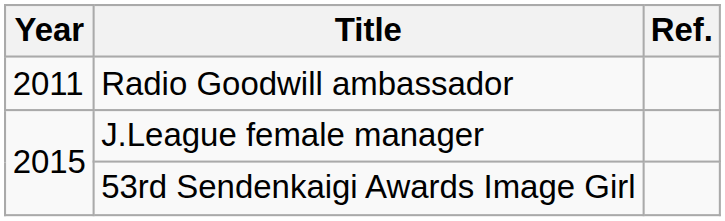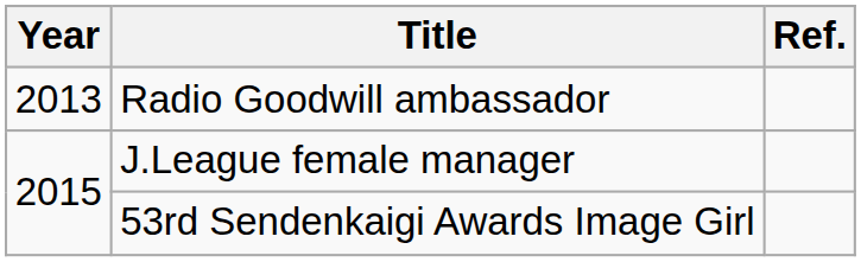 <table class="wikitable">
 <tr>
 <th>Year</th>
 <th>Title</th>
 <th>Ref.</th>
 </tr>
 <tr>
-<td>2011</td>
+<td>2013</td>
 <td>Radio Goodwill ambassador</td>
 <td></td>
 </tr>
 <tr>
 <td rowspan="2">2015</td>
 <td>J.League female manager</td>
 <td></td>
 </tr>
 <tr>
 <td>53rd Sendenkaigi Awards Image Girl</td>
 <td></td>
 </tr>
 </table>
